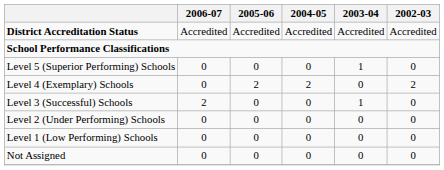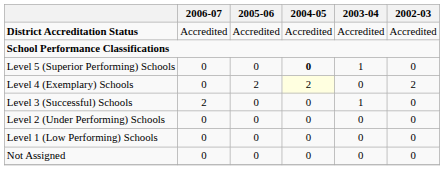 <table class="wikitable" style="font-size: 95%;">
 <tr>
 <th></th>
 <th>2006-07</th>
 <th>2005-06</th>
 <th>2004-05</th>
 <th>2003-04</th>
 <th>2002-03</th>
 </tr>
 <tr>
 <td align="left"><strong>District Accreditation Status</strong></td>
 <td align="center">Accredited</td>
 <td align="center">Accredited</td>
 <td align="center">Accredited</td>
 <td align="center">Accredited</td>
 <td align="center">Accredited</td>
 </tr>
 <tr>
 <td align="left" colspan="6"><strong>School Performance Classifications</strong></td>
 </tr>
 <tr>
 <td align="left">Level 5 (Superior Performing) Schools</td>
 <td align="center">0</td>
 <td align="center">0</td>
-<td align="center">0</td>
+<td align="center"><strong>0</strong></td>
 <td align="center">1</td>
 <td align="center">0</td>
 </tr>
 <tr>
 <td align="left">Level 4 (Exemplary) Schools</td>
 <td align="center">0</td>
 <td align="center">2</td>
-<td align="center">2</td>
+<td align="center" style="background: lightyellow;">2</td>
 <td align="center">0</td>
 <td align="center">2</td>
 </tr>
 <tr>
 <td align="left">Level 3 (Successful) Schools</td>
 <td align="center">2</td>
 <td align="center">0</td>
 <td align="center">0</td>
 <td align="center">1</td>
 <td align="center">0</td>
 </tr>
 <tr>
 <td align="left">Level 2 (Under Performing) Schools</td>
 <td align="center">0</td>
 <td align="center">0</td>
 <td align="center">0</td>
 <td align="center">0</td>
 <td align="center">0</td>
 </tr>
 <tr>
 <td align="left">Level 1 (Low Performing) Schools</td>
 <td align="center">0</td>
 <td align="center">0</td>
 <td align="center">0</td>
 <td align="center">0</td>
 <td align="center">0</td>
 </tr>
 <tr>
 <td align="left">Not Assigned</td>
 <td align="center">0</td>
 <td align="center">0</td>
 <td align="center">0</td>
 <td align="center">0</td>
 <td align="center">0</td>
 </tr>
 <tr>
 </tr>
 </table>
